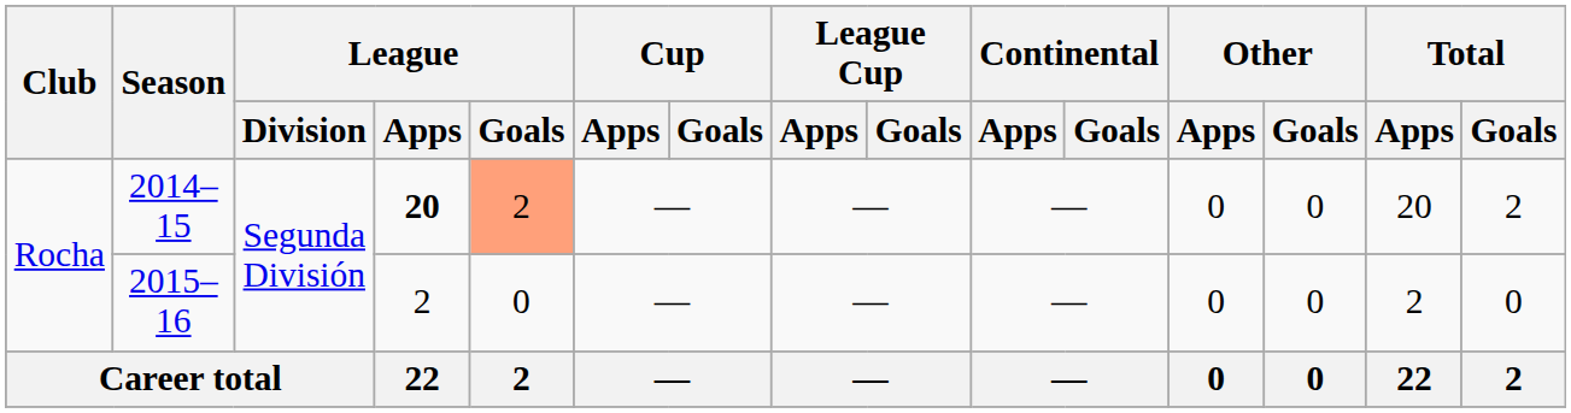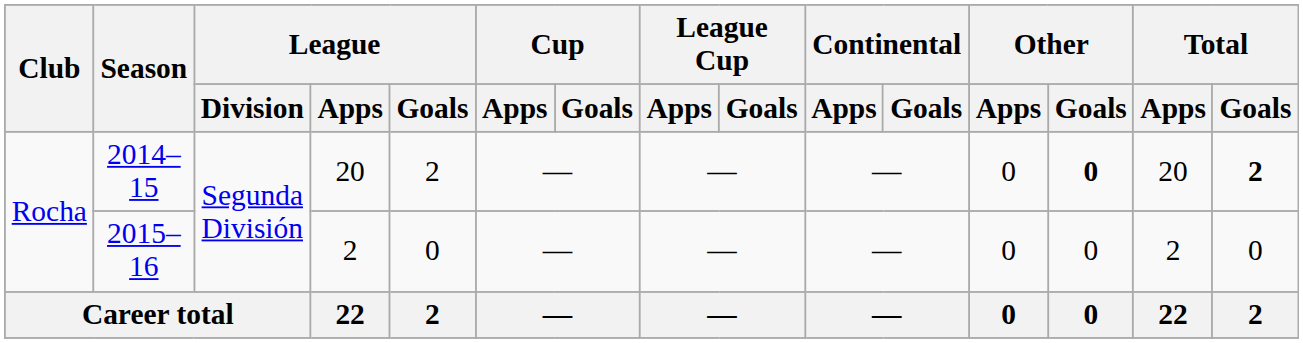 <table class="wikitable" style="text-align:center">
 <tr>
 <th rowspan="2">Club</th>
 <th rowspan="2">Season</th>
 <th colspan="3">League</th>
 <th colspan="2">Cup</th>
 <th colspan="2">League Cup</th>
 <th colspan="2">Continental</th>
 <th colspan="2">Other</th>
 <th colspan="2">Total</th>
 </tr>
 <tr>
 <th>Division</th>
 <th>Apps</th>
 <th>Goals</th>
 <th>Apps</th>
 <th>Goals</th>
 <th>Apps</th>
 <th>Goals</th>
 <th>Apps</th>
 <th>Goals</th>
 <th>Apps</th>
 <th>Goals</th>
 <th>Apps</th>
 <th>Goals</th>
 </tr>
 <tr>
 <td rowspan="2"><a href='#'>Rocha</a></td>
 <td><a href='#'>2014–15</a></td>
 <td rowspan="2"><a href='#'>Segunda División</a></td>
-<td><strong>20</strong></td>
-<td style="background: lightsalmon;">2</td>
+<td>20</td>
+<td>2</td>
 <td colspan="2">—</td>
 <td colspan="2">—</td>
 <td colspan="2">—</td>
 <td>0</td>
-<td>0</td>
+<td><strong>0</strong></td>
 <td>20</td>
-<td>2</td>
+<td><strong>2</strong></td>
 </tr>
 <tr>
 <td><a href='#'>2015–16</a></td>
 <td>2</td>
 <td>0</td>
 <td colspan="2">—</td>
 <td colspan="2">—</td>
 <td colspan="2">—</td>
 <td>0</td>
 <td>0</td>
 <td>2</td>
 <td>0</td>
 </tr>
 <tr>
 <th colspan="3">Career total</th>
 <th>22</th>
 <th>2</th>
 <th colspan="2">—</th>
 <th colspan="2">—</th>
 <th colspan="2">—</th>
 <th>0</th>
 <th>0</th>
 <th>22</th>
 <th>2</th>
 </tr>
 </table>
